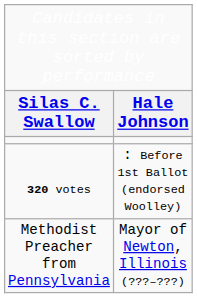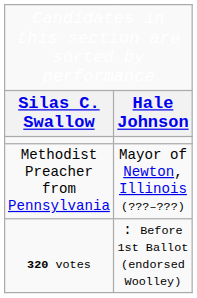 <table class="wikitable" style="font-size:90%">
 <tr>
 <td colspan="2" style="text-align:center; font-size:120%; color:white; background:"><em>Candidates in this section are sorted by performance</em></td>
 </tr>
 <tr style="font-size:120%;">
 <th scope="col" style="width:3em;"><a href='#'>Silas C. Swallow</a></th>
 <th scope="col" style="width:3em;"><a href='#'>Hale Johnson</a></th>
 </tr>
 <tr>
 <td></td>
 <td></td>
 </tr>
 <tr style="text-align:center">
+<td>Methodist Preacher from <a href='#'>Pennsylvania</a></td>
+<td>Mayor of <a href='#'>Newton</a>, <a href='#'>Illinois</a><br><small>(???–???)</small></td>
+</tr>
+<tr style="text-align:center">
 <td><br><small><strong>320</strong> votes</small></td>
 <td><strong></strong>: <small>Before 1st Ballot</small><br><small>(endorsed Woolley)</small></td>
 </tr>
-<tr style="text-align:center">
-<td>Methodist Preacher from <a href='#'>Pennsylvania</a></td>
-<td>Mayor of <a href='#'>Newton</a>, <a href='#'>Illinois</a><br><small>(???–???)</small></td>
-</tr>
 </table>
